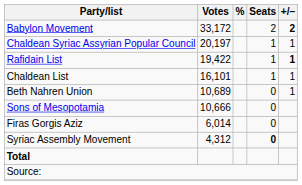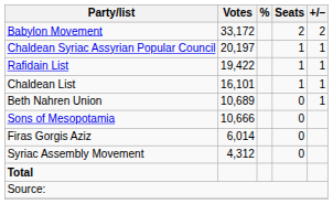 <table class=wikitable style=text-align:right>
 <tr>
 <th>Party/list</th>
 <th>Votes</th>
 <th>%</th>
 <th>Seats</th>
 <th>+/–</th>
 </tr>
 <tr>
 <td align=left><a href='#'>Babylon Movement</a></td>
 <td>33,172</td>
 <td></td>
 <td>2</td>
-<td><strong>2</strong></td>
+<td>2</td>
 </tr>
 <tr>
 <td align=left><a href='#'>Chaldean Syriac Assyrian Popular Council</a></td>
 <td>20,197</td>
 <td></td>
 <td>1</td>
 <td>1</td>
 </tr>
 <tr>
 <td align=left><a href='#'>Rafidain List</a></td>
 <td>19,422</td>
 <td></td>
 <td>1</td>
-<td><strong>1</strong></td>
+<td>1</td>
 </tr>
 <tr>
 <td align=left>Chaldean List</td>
 <td>16,101</td>
 <td></td>
 <td>1</td>
 <td>1</td>
 </tr>
 <tr>
 <td align=left>Beth Nahren Union</td>
 <td>10,689</td>
 <td></td>
 <td>0</td>
 <td>1</td>
 </tr>
 <tr>
 <td align=left><a href='#'>Sons of Mesopotamia</a></td>
 <td>10,666</td>
 <td></td>
 <td>0</td>
 <td></td>
 </tr>
 <tr>
 <td align=left>Firas Gorgis Aziz</td>
 <td>6,014</td>
 <td></td>
 <td>0</td>
 <td></td>
 </tr>
 <tr>
 <td align=left>Syriac Assembly Movement</td>
 <td>4,312</td>
 <td></td>
-<td><strong>0</strong></td>
+<td>0</td>
 <td></td>
 </tr>
 <tr>
 <td align=left><strong>Total</strong></td>
 <td><strong> </strong></td>
 <td><strong> </strong></td>
 <td><strong> </strong></td>
 <td><strong> </strong></td>
 </tr>
 <tr>
 <td align=left colspan=5>Source:  </td>
 </tr>
 <tr>
 </tr>
 </table>
